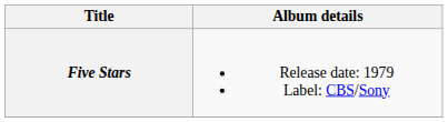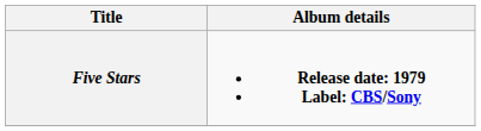 <table class="wikitable plainrowheaders" style="text-align:center;">
 <tr>
 <th style="width:12em;">Title</th>
 <th style="width:16em;">Album details</th>
 </tr>
 <tr>
 <th scope="row"><em>Five Stars</em></th>
-<td><br><ul><li>Release date: 1979</li><li>Label: <a href='#'>CBS</a>/<a href='#'>Sony</a></li></ul></td>
+<td><strong><br><ul><li>Release date: 1979</li><li>Label: <a href='#'>CBS</a>/<a href='#'>Sony</a></li></ul></strong></td>
 </tr>
 <tr>
 </tr>
 </table>
